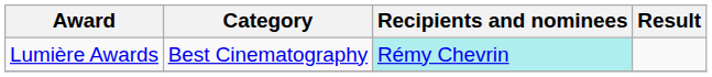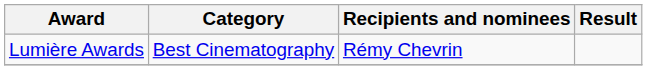 <table class="wikitable plainrowheaders sortable">
 <tr style="background:#ccc; text-align:center;">
 <th scope="col">Award</th>
 <th scope="col">Category</th>
 <th scope="col">Recipients and nominees</th>
 <th scope="col">Result</th>
 </tr>
 <tr>
 <td><a href='#'>Lumière Awards</a></td>
 <td><a href='#'>Best Cinematography</a></td>
-<td style="background: paleturquoise;"><a href='#'>Rémy Chevrin</a></td>
+<td><a href='#'>Rémy Chevrin</a></td>
 <td></td>
 </tr>
 <tr>
 </tr>
 </table>
